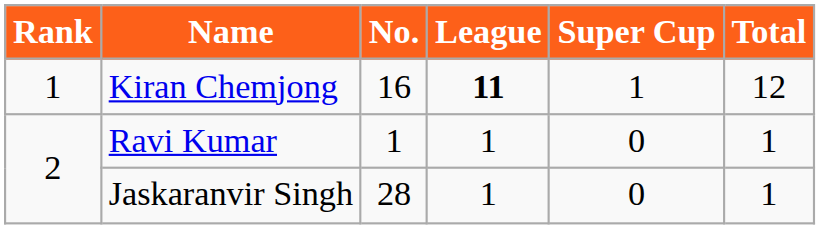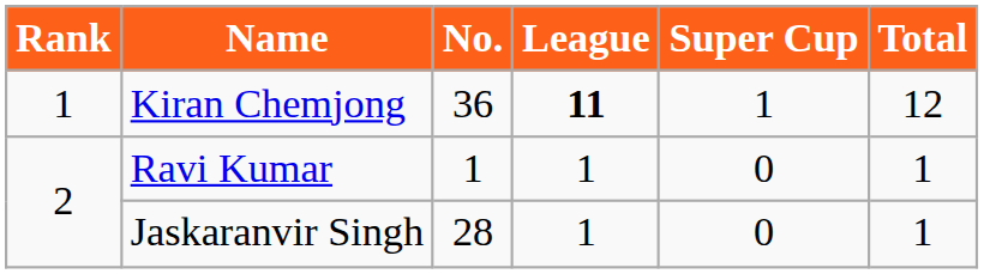 <table class="wikitable" style="font-size; text-align: center;">
 <tr>
 <th style="background:#FD6019; color:#FFFFFF; text-align:center;">Rank</th>
 <th style="background:#FD6019; color:#FFFFFF; text-align:center;">Name</th>
 <th style="background:#FD6019; color:#FFFFFF; text-align:center;">No.</th>
 <th style="background:#FD6019; color:#FFFFFF; text-align:center;">League</th>
 <th style="background:#FD6019; color:#FFFFFF; text-align:center;">Super Cup</th>
 <th style="background:#FD6019; color:#FFFFFF; text-align:center;">Total</th>
 </tr>
 <tr>
 <td>1</td>
 <td align="left"> <a href='#'>Kiran Chemjong</a></td>
-<td>16</td>
+<td>36</td>
 <td><strong>11</strong></td>
 <td>1</td>
 <td>12</td>
 </tr>
 <tr>
 <td rowspan="2">2</td>
 <td align="left"> <a href='#'>Ravi Kumar</a></td>
 <td>1</td>
 <td>1</td>
 <td>0</td>
 <td>1</td>
 </tr>
 <tr>
 <td align="left"> Jaskaranvir Singh</td>
 <td>28</td>
 <td>1</td>
 <td>0</td>
 <td>1</td>
 </tr>
 </table>
